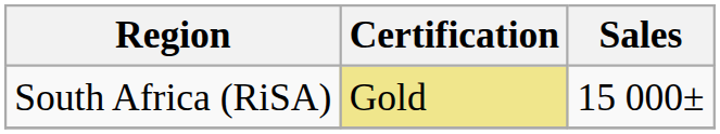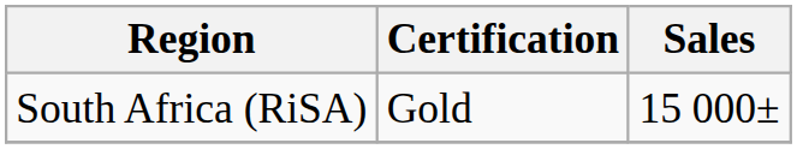 <table class="wikitable">
 <tr>
 <th>Region</th>
 <th>Certification</th>
 <th>Sales</th>
 </tr>
 <tr>
 <td>South Africa (RiSA)</td>
-<td style="background: khaki;">Gold</td>
+<td>Gold</td>
 <td>15 000±</td>
 </tr>
 <tr>
 </tr>
 </table>
